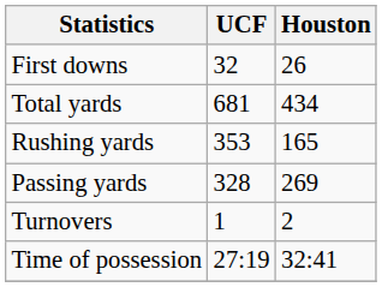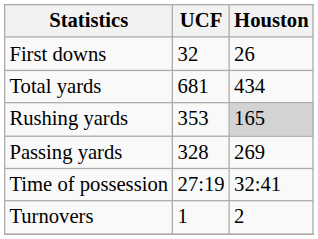 <table class="wikitable">
 <tr>
 <th>Statistics</th>
 <th>UCF</th>
 <th>Houston</th>
 </tr>
 <tr>
 <td>First downs</td>
 <td>32</td>
 <td>26</td>
 </tr>
 <tr>
 <td>Total yards</td>
 <td>681</td>
 <td>434</td>
 </tr>
 <tr>
 <td>Rushing yards</td>
 <td>353</td>
-<td>165</td>
+<td style="background: lightgrey;">165</td>
 </tr>
 <tr>
 <td>Passing yards</td>
 <td>328</td>
 <td>269</td>
 </tr>
 <tr>
+<td>Time of possession</td>
+<td>27:19</td>
+<td>32:41</td>
+</tr>
+<tr>
 <td>Turnovers</td>
 <td>1</td>
 <td>2</td>
 </tr>
 <tr>
-<td>Time of possession</td>
-<td>27:19</td>
-<td>32:41</td>
-</tr>
-<tr>
 </tr>
 </table>
